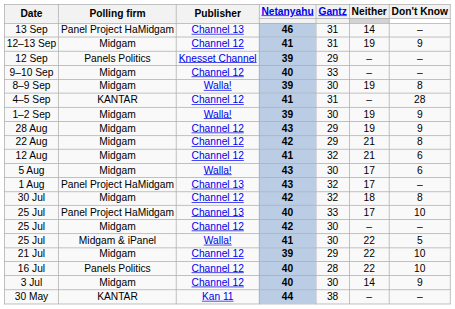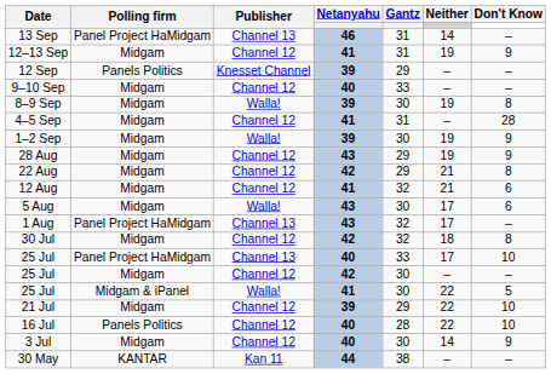 <table class="wikitable sortable" style="text-align:center; font-size:90%; line-height:13px;">
 <tr>
 <th rowspan="2">Date</th>
 <th rowspan="2">Polling firm</th>
 <th rowspan="2">Publisher</th>
 <th><a href='#'>Netanyahu</a></th>
 <th><a href='#'>Gantz</a></th>
 <th>Neither</th>
 <th>Don't Know</th>
 </tr>
 <tr>
 <th style="background:"></th>
 <th style="background:"></th>
 <th style="background:#d3d3d3;"></th>
 <th style="background:#ffffff;"></th>
 </tr>
 <tr>
 <td data-sort-value="2019-09-13">13 Sep</td>
 <td>Panel Project HaMidgam</td>
 <td><a href='#'>Channel 13</a></td>
 <td style="background:#BBCDE4"><strong>46</strong>	</td>
 <td>31					</td>
 <td>14					</td>
 <td>–					</td>
 </tr>
 <tr>
 <td data-sort-value="2019-09-13">12–13 Sep</td>
 <td>Midgam</td>
 <td><a href='#'>Channel 12</a></td>
 <td style="background:#BBCDE4"><strong>41</strong>	</td>
 <td>31					</td>
 <td>19					</td>
 <td>9					</td>
 </tr>
 <tr>
 <td data-sort-value="2019-09-12">12 Sep</td>
 <td>Panels Politics</td>
 <td><a href='#'>Knesset Channel</a></td>
 <td style="background:#BBCDE4"><strong>39</strong>	</td>
 <td>29					</td>
 <td>–					</td>
 <td>–					</td>
 </tr>
 <tr>
 <td data-sort-value="2019-09-10">9–10 Sep</td>
 <td>Midgam</td>
 <td><a href='#'>Channel 12</a></td>
 <td style="background:#BBCDE4"><strong>40</strong>	</td>
 <td>33					</td>
 <td>–					</td>
 <td>–					</td>
 </tr>
 <tr>
 <td data-sort-value="2019-09-09">8–9 Sep</td>
 <td>Midgam</td>
 <td><a href='#'>Walla!</a></td>
 <td style="background:#BBCDE4"><strong>39</strong>	</td>
 <td>30					</td>
 <td>19					</td>
 <td>8					</td>
 </tr>
 <tr>
 <td data-sort-value="2019-09-05">4–5 Sep</td>
-<td>KANTAR</td>
+<td>Midgam</td>
 <td><a href='#'>Channel 12</a></td>
 <td style="background:#BBCDE4"><strong>41</strong>	</td>
 <td>31					</td>
 <td>–					</td>
 <td>28					</td>
 </tr>
 <tr>
 <td data-sort-value="2019-00-2">1–2 Sep</td>
 <td>Midgam</td>
 <td><a href='#'>Walla!</a></td>
 <td style="background:#BBCDE4"><strong>39</strong>	</td>
 <td>30					</td>
 <td>19					</td>
 <td>9					</td>
 </tr>
 <tr>
 <td data-sort-value="2019-08-28">28 Aug</td>
 <td>Midgam</td>
 <td><a href='#'>Channel 12</a></td>
 <td style="background:#BBCDE4"><strong>43</strong>	</td>
 <td>29					</td>
 <td>19					</td>
 <td>9					</td>
 </tr>
 <tr>
 <td data-sort-value="2019-08-22">22 Aug</td>
 <td>Midgam</td>
 <td><a href='#'>Channel 12</a></td>
 <td style="background:#BBCDE4"><strong>42</strong>	</td>
 <td>29					</td>
 <td>21					</td>
 <td>8					</td>
 </tr>
 <tr>
 <td data-sort-value="2019-08-12">12 Aug</td>
 <td>Midgam</td>
 <td><a href='#'>Channel 12</a></td>
 <td style="background:#BBCDE4"><strong>41</strong>	</td>
 <td>32					</td>
 <td>21					</td>
 <td>6					</td>
 </tr>
 <tr>
 <td data-sort-value="2019-08-05">5 Aug</td>
 <td>Midgam</td>
 <td><a href='#'>Walla!</a></td>
 <td style="background:#BBCDE4"><strong>43</strong>	</td>
 <td>30					</td>
 <td>17					</td>
 <td>6					</td>
 </tr>
 <tr>
 <td data-sort-value="2019-08-01">1 Aug</td>
 <td>Panel Project HaMidgam</td>
 <td><a href='#'>Channel 13</a></td>
 <td style="background:#BBCDE4"><strong>43</strong>	</td>
 <td>32					</td>
 <td>17					</td>
 <td>–					</td>
 </tr>
 <tr>
 <td data-sort-value="2019-07-30">30 Jul</td>
 <td>Midgam</td>
 <td><a href='#'>Channel 12</a></td>
 <td style="background:#BBCDE4"><strong>42</strong>	</td>
 <td>32					</td>
 <td>18					</td>
 <td>8					</td>
 </tr>
 <tr>
 <td data-sort-value="2019-07-25">25 Jul</td>
 <td>Panel Project HaMidgam</td>
 <td><a href='#'>Channel 13</a></td>
 <td style="background:#BBCDE4"><strong>40</strong>	</td>
 <td>33					</td>
 <td>17					</td>
 <td>10					</td>
 </tr>
 <tr>
 <td data-sort-value="2019-07-25">25 Jul</td>
 <td>Midgam</td>
 <td><a href='#'>Channel 12</a></td>
 <td style="background:#BBCDE4"><strong>42</strong>	</td>
 <td>30					</td>
 <td>–					</td>
 <td>–					</td>
 </tr>
 <tr>
 <td data-sort-value="2019-07-25">25 Jul</td>
 <td>Midgam & iPanel</td>
 <td><a href='#'>Walla!</a></td>
 <td style="background:#BBCDE4"><strong>41</strong>	</td>
 <td>30					</td>
 <td>22					</td>
 <td>5					</td>
 </tr>
 <tr>
 <td data-sort-value="2019-07-21">21 Jul</td>
 <td>Midgam</td>
 <td><a href='#'>Channel 12</a></td>
 <td style="background:#BBCDE4"><strong>39</strong>	</td>
 <td>29					</td>
 <td>22					</td>
 <td>10					</td>
 </tr>
 <tr>
 <td data-sort-value="2019-07-16">16 Jul</td>
 <td>Panels Politics</td>
 <td><a href='#'>Channel 12</a></td>
 <td style="background:#BBCDE4"><strong>40</strong>	</td>
 <td>28					</td>
 <td>22					</td>
 <td>10					</td>
 </tr>
 <tr>
 <td data-sort-value="2019-07-03">3 Jul</td>
 <td>Midgam</td>
 <td><a href='#'>Channel 12</a></td>
 <td style="background:#BBCDE4"><strong>40</strong>	</td>
 <td>30					</td>
 <td>14					</td>
 <td>9					</td>
 </tr>
 <tr>
 <td data-sort-value="2019-05-30">30 May</td>
 <td>KANTAR</td>
 <td><a href='#'>Kan 11</a></td>
 <td style="background:#BBCDE4"><strong>44</strong>	</td>
 <td>38					</td>
 <td>–					</td>
 <td>–					</td>
 </tr>
 </table>
